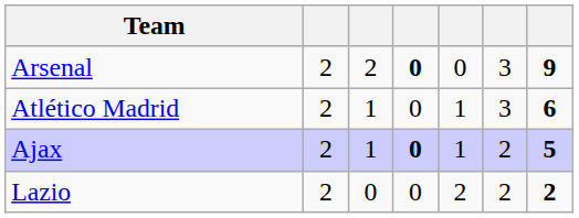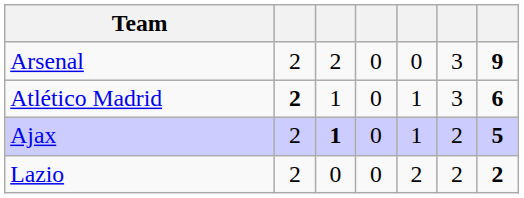 <table class="wikitable" style="text-align: center;">
 <tr>
 <th style="width:175px;">Team</th>
 <th width="20"></th>
 <th width="20"></th>
 <th width="20"></th>
 <th width="20"></th>
 <th width="20"></th>
 <th width="20"></th>
 </tr>
 <tr bgcolor=>
 <td align=left> <a href='#'>Arsenal</a></td>
 <td>2</td>
 <td>2</td>
-<td><strong>0</strong></td>
+<td>0</td>
 <td>0</td>
 <td>3</td>
 <td><strong>9</strong></td>
 </tr>
 <tr bgcolor=>
 <td align=left> <a href='#'>Atlético Madrid</a></td>
-<td>2</td>
+<td><strong>2</strong></td>
 <td>1</td>
 <td>0</td>
 <td>1</td>
 <td>3</td>
 <td><strong>6</strong></td>
 </tr>
 <tr bgcolor=ccccff>
 <td align=left> <a href='#'>Ajax</a></td>
 <td>2</td>
-<td>1</td>
-<td><strong>0</strong></td>
+<td><strong>1</strong></td>
+<td>0</td>
 <td>1</td>
 <td>2</td>
 <td><strong>5</strong></td>
 </tr>
 <tr bgcolor=>
 <td align=left> <a href='#'>Lazio</a></td>
 <td>2</td>
 <td>0</td>
 <td>0</td>
 <td>2</td>
 <td>2</td>
 <td><strong>2</strong></td>
 </tr>
 </table>
